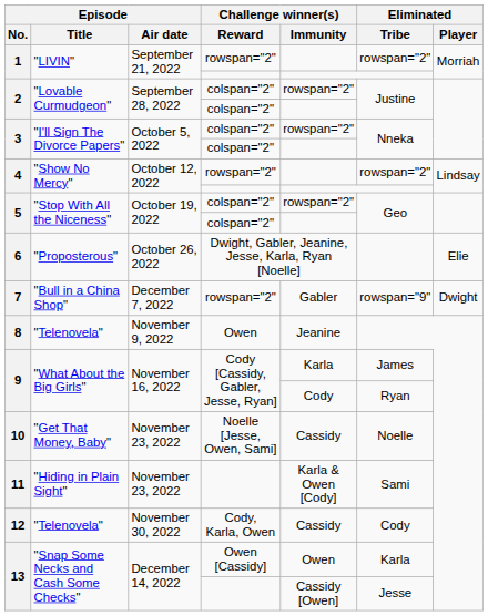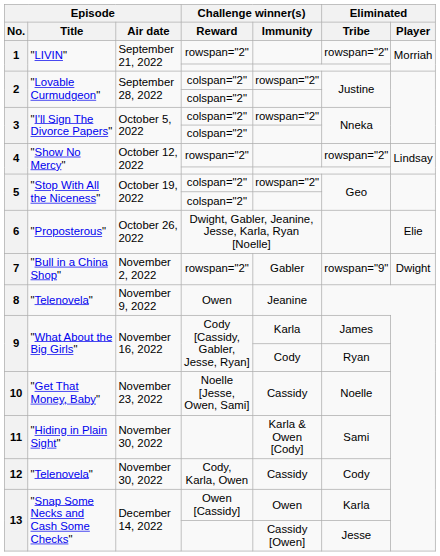 <table class="wikitable unsortable" style="text-align:center;">
 <tr>
 <th colspan="3" scope="col">Episode</th>
 <th colspan="2" scope="col">Challenge winner(s)</th>
 <th colspan="2" scope="col">Eliminated</th>
 </tr>
 <tr>
 <th scope="col">No.</th>
 <th scope="col">Title</th>
 <th scope="col">Air date</th>
 <th scope="col">Reward</th>
 <th scope="col">Immunity</th>
 <th scope="col">Tribe</th>
 <th scope="col">Player</th>
 </tr>
 <tr>
 <th rowspan="2">1</th>
 <td rowspan="2" align="left">"<a href='#'>LIVIN</a>"</td>
 <td rowspan="2" align="left">September 21, 2022</td>
 <td>rowspan="2" </td>
 <td></td>
 <td>rowspan="2" </td>
 <td rowspan="2">Morriah</td>
 </tr>
 <tr>
 <td></td>
 </tr>
 <tr>
 <th rowspan="2">2</th>
 <td rowspan="2" align="left">"<a href='#'>Lovable Curmudgeon</a>"</td>
 <td rowspan="2" align="left">September 28, 2022</td>
 <td>colspan="2" </td>
 <td>rowspan="2" </td>
 <td rowspan="2">Justine</td>
 </tr>
 <tr>
 <td>colspan="2" </td>
 </tr>
 <tr>
 <th rowspan="2">3</th>
 <td rowspan="2" align="left">"<a href='#'>I'll Sign The Divorce Papers</a>"</td>
 <td rowspan="2" align="left">October 5, 2022</td>
 <td>colspan="2" </td>
 <td>rowspan="2" </td>
 <td rowspan="2">Nneka</td>
 </tr>
 <tr>
 <td>colspan="2" </td>
 </tr>
 <tr>
 <th rowspan="2">4</th>
 <td rowspan="2" align="left">"<a href='#'>Show No Mercy</a>"</td>
 <td rowspan="2" align="left">October 12, 2022</td>
 <td>rowspan="2" </td>
 <td></td>
 <td>rowspan="2" </td>
 <td rowspan="2">Lindsay</td>
 </tr>
 <tr>
 <td></td>
 </tr>
 <tr>
 <th rowspan="2">5</th>
 <td rowspan="2" align="left">"<a href='#'>Stop With All the Niceness</a>"</td>
 <td rowspan="2" align="left">October 19, 2022</td>
 <td>colspan="2" </td>
 <td>rowspan="2" </td>
 <td rowspan="2">Geo</td>
 </tr>
 <tr>
 <td>colspan="2" </td>
 </tr>
 <tr>
 <th>6</th>
 <td align="left">"<a href='#'>Proposterous</a>"</td>
 <td align="left">October 26, 2022</td>
 <td colspan="2">Dwight, Gabler, Jeanine,<br>Jesse, Karla, Ryan<br>[Noelle]</td>
 <td></td>
 <td>Elie</td>
 </tr>
 <tr>
 <th>7</th>
 <td align="left">"<a href='#'>Bull in a China Shop</a>"</td>
-<td align="left">December 7, 2022</td>
+<td align="left">November 2, 2022</td>
 <td>rowspan="2" </td>
 <td>Gabler</td>
 <td>rowspan="9" </td>
 <td>Dwight</td>
 </tr>
 <tr>
 <th>8</th>
 <td align="left">"<a href='#'>Telenovela</a>"</td>
 <td align="left">November 9, 2022</td>
 <td>Owen</td>
 <td>Jeanine</td>
 </tr>
 <tr>
 <th rowspan="2">9</th>
 <td rowspan="2" align="left">"<a href='#'>What About the Big Girls</a>"</td>
 <td rowspan="2" align="left">November 16, 2022</td>
 <td rowspan="2">Cody<br>[Cassidy, Gabler,<br>Jesse, Ryan]</td>
 <td>Karla</td>
 <td>James</td>
 </tr>
 <tr>
 <td>Cody</td>
 <td>Ryan</td>
 </tr>
 <tr>
 <th>10</th>
 <td align="left">"<a href='#'>Get That Money, Baby</a>"</td>
 <td align="left">November 23, 2022</td>
 <td>Noelle<br>[Jesse,<br>Owen, Sami]</td>
 <td>Cassidy</td>
 <td>Noelle</td>
 </tr>
 <tr>
 <th>11</th>
 <td align="left">"<a href='#'>Hiding in Plain Sight</a>"</td>
-<td align="left">November 23, 2022</td>
+<td align="left">November 30, 2022</td>
 <td></td>
 <td>Karla &<br>Owen<br>[Cody]</td>
 <td>Sami</td>
 </tr>
 <tr>
 <th>12</th>
 <td align="left">"<a href='#'>Telenovela</a>"</td>
 <td align="left">November 30, 2022</td>
 <td>Cody,<br>Karla, Owen</td>
 <td>Cassidy</td>
 <td>Cody</td>
 </tr>
 <tr>
 <th rowspan="2">13</th>
 <td rowspan="2" align="left">"<a href='#'>Snap Some Necks and<br>Cash Some Checks</a>"</td>
 <td rowspan="2" align="left">December 14, 2022</td>
 <td>Owen<br>[Cassidy]</td>
 <td>Owen</td>
 <td>Karla</td>
 </tr>
 <tr>
 <td></td>
 <td>Cassidy<br>[Owen]</td>
 <td>Jesse</td>
 </tr>
 </table>
